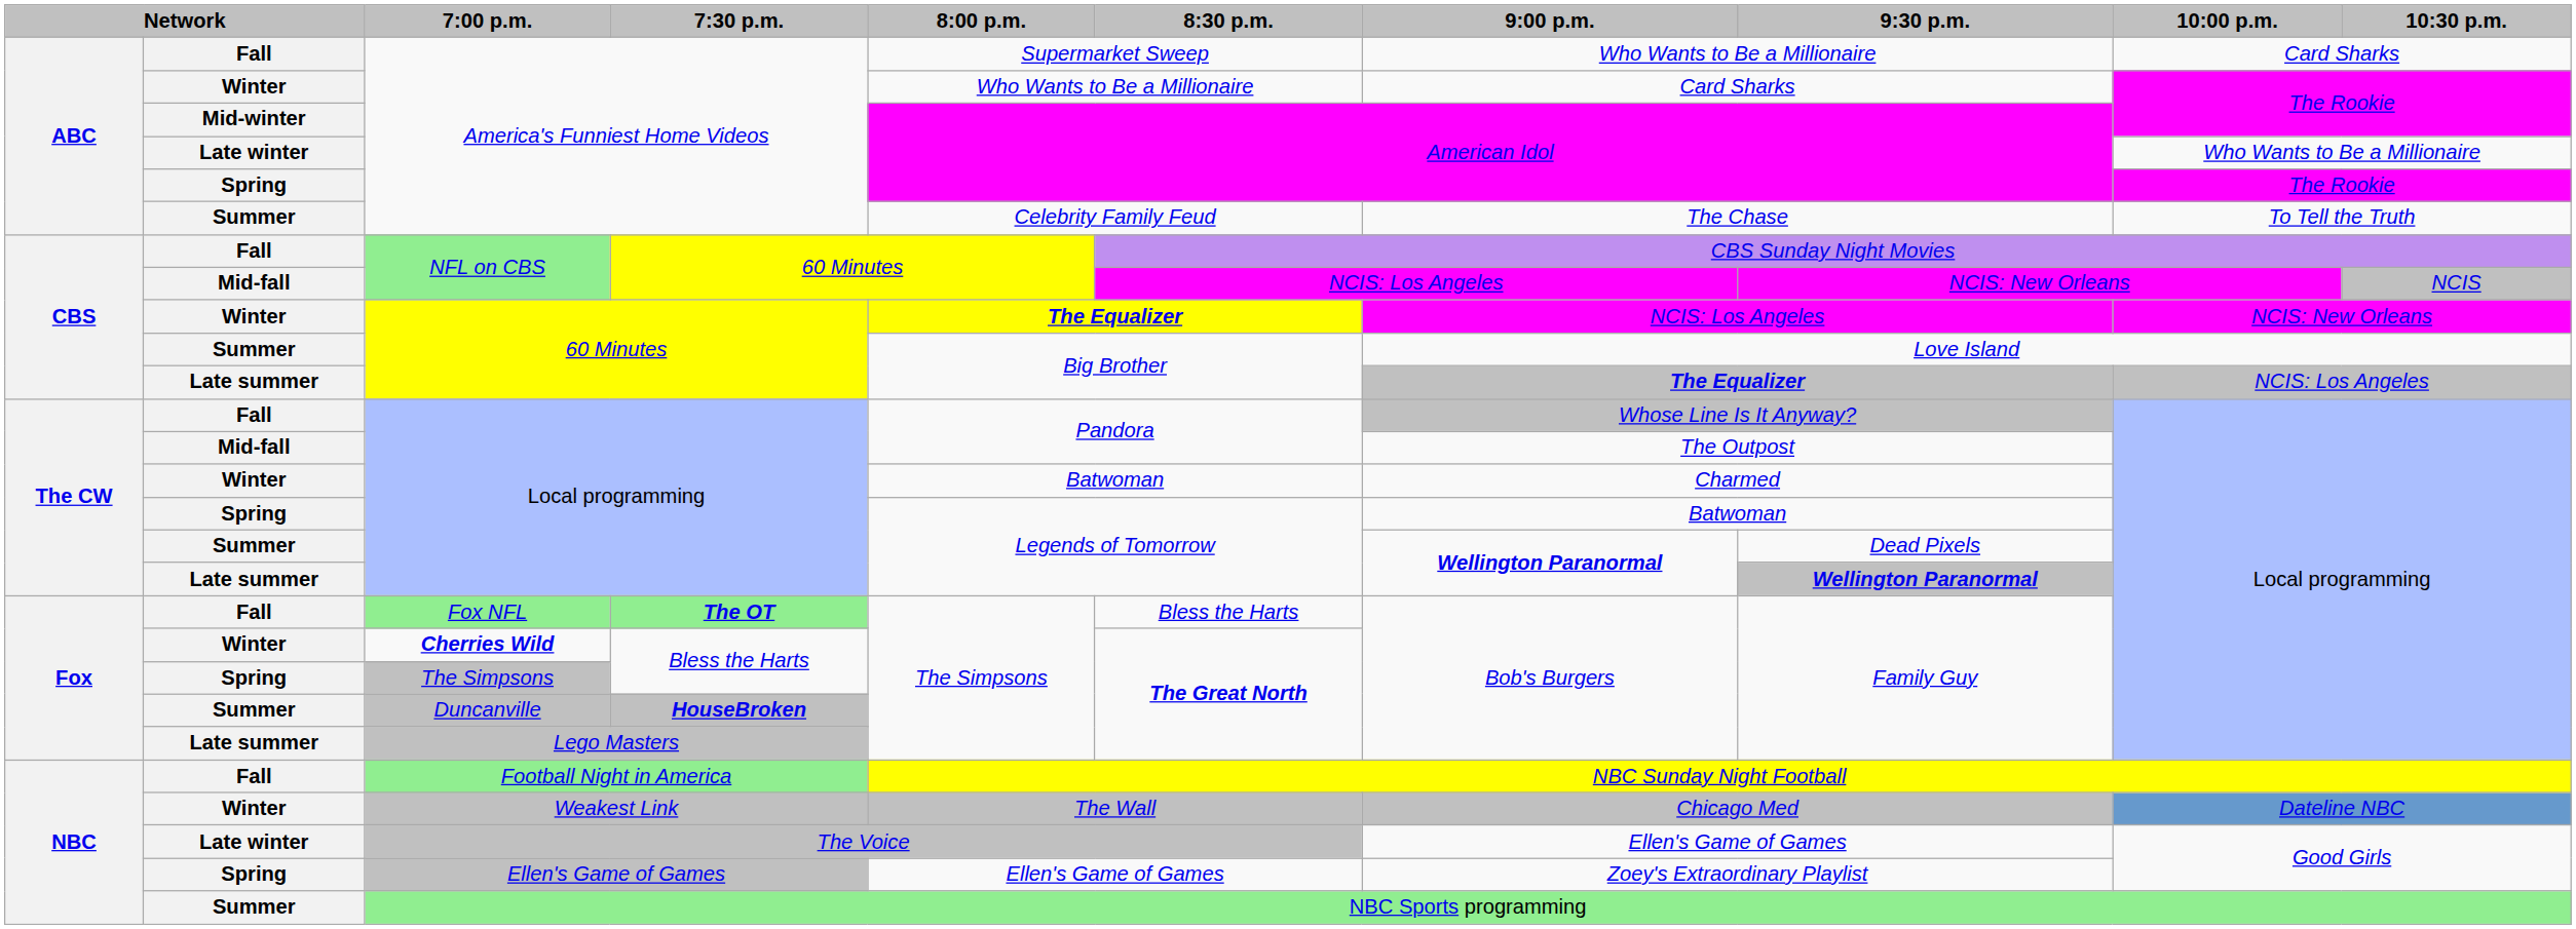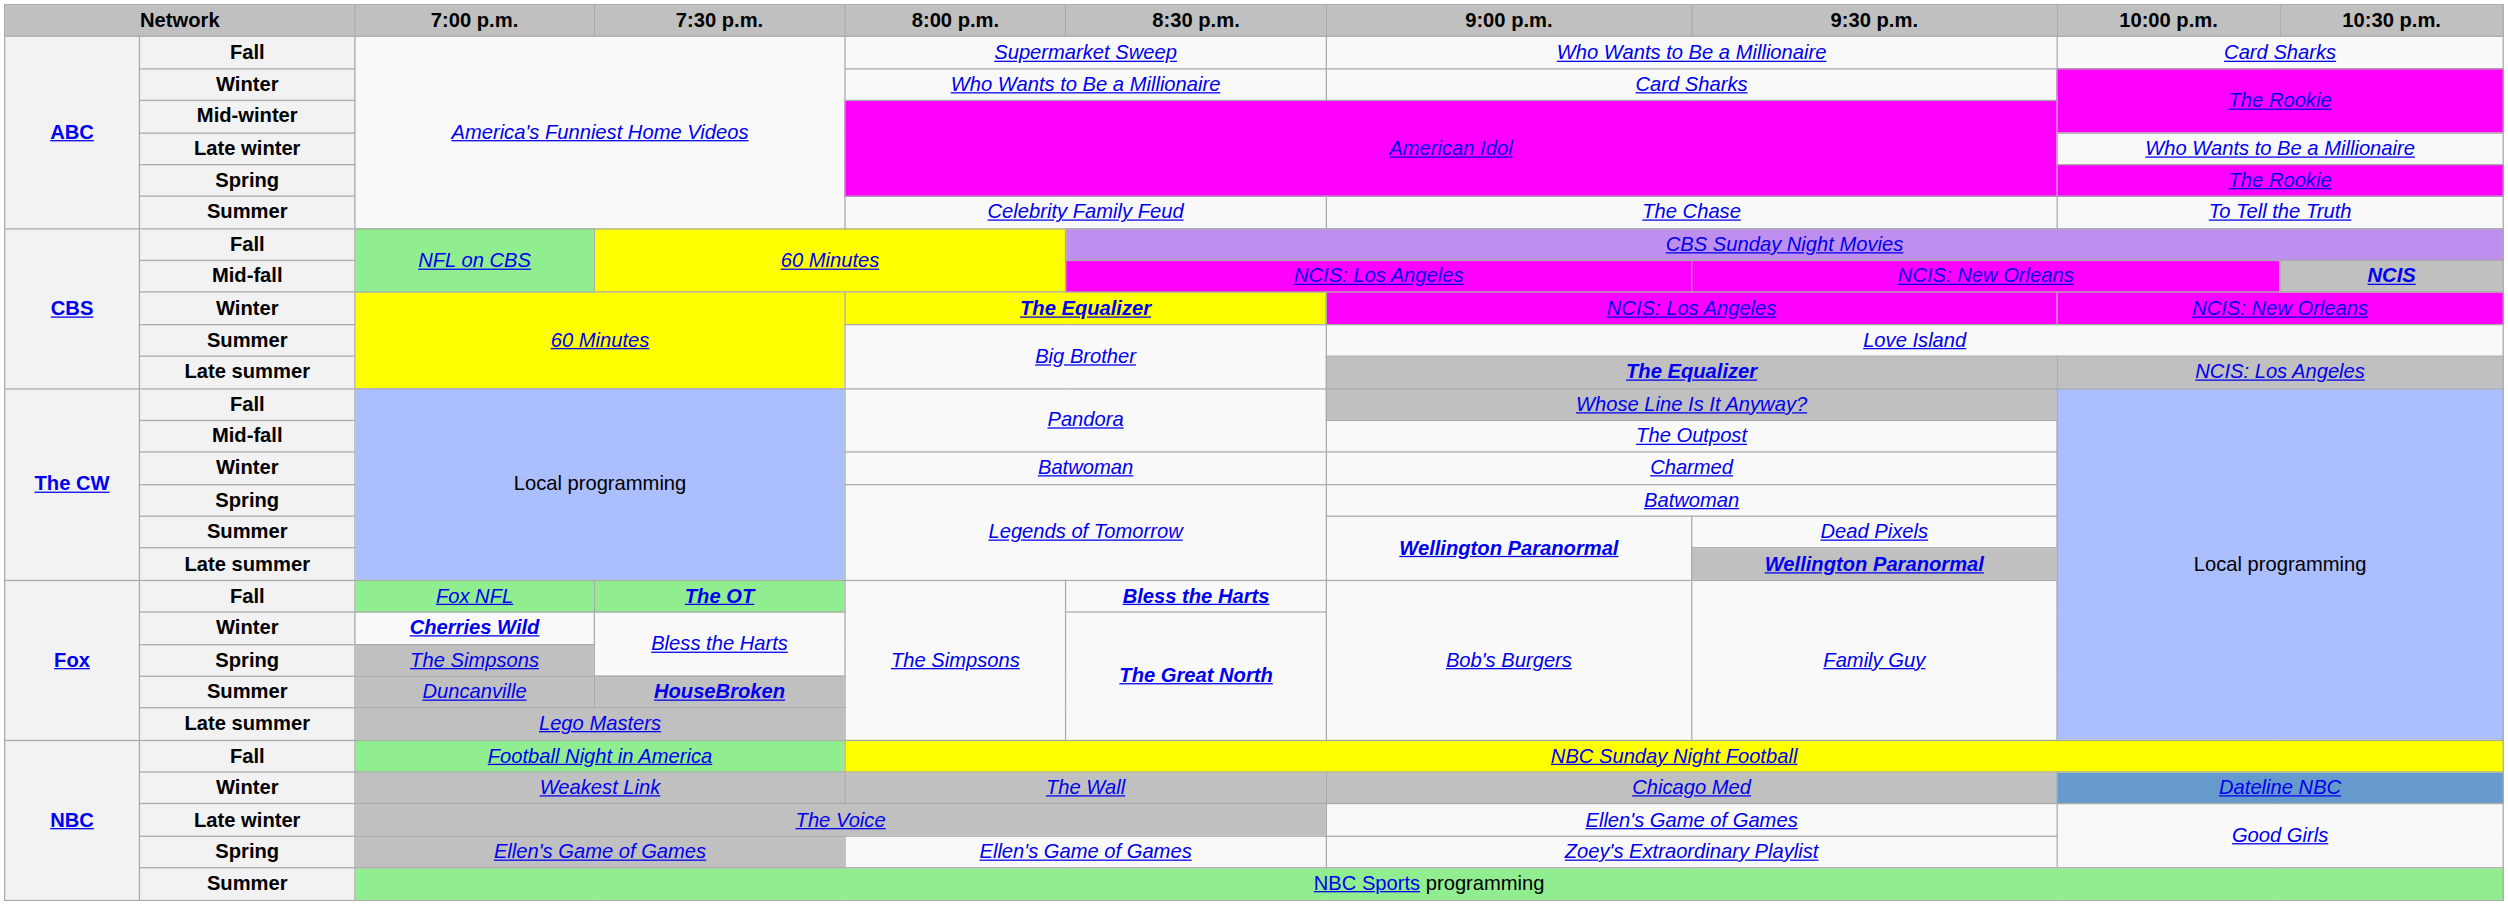 <table class="wikitable" style="width:100%;margin-right:0;text-align:center">
 <tr>
 <th colspan="2" style="background-color:#C0C0C0;text-align:center">Network</th>
 <th style="background-color:#C0C0C0;text-align:center">7:00 p.m.</th>
 <th style="background-color:#C0C0C0;text-align:center">7:30 p.m.</th>
 <th style="background-color:#C0C0C0;text-align:center">8:00 p.m.</th>
 <th style="background-color:#C0C0C0;text-align:center">8:30 p.m.</th>
 <th style="background-color:#C0C0C0;text-align:center">9:00 p.m.</th>
 <th style="background-color:#C0C0C0;text-align:center">9:30 p.m.</th>
 <th style="background-color:#C0C0C0;text-align:center">10:00 p.m.</th>
 <th style="background-color:#C0C0C0;text-align:center">10:30 p.m.</th>
 </tr>
 <tr>
 <th rowspan="6"><a href='#'>ABC</a></th>
 <th>Fall</th>
 <td rowspan="6" colspan="2"><em><a href='#'>America's Funniest Home Videos</a></em></td>
 <td colspan="2"><em><a href='#'>Supermarket Sweep</a></em></td>
 <td colspan="2"><em><a href='#'>Who Wants to Be a Millionaire</a></em></td>
 <td colspan="2"><em><a href='#'>Card Sharks</a></em></td>
 </tr>
 <tr>
 <th>Winter</th>
 <td colspan="2"><em><a href='#'>Who Wants to Be a Millionaire</a></em></td>
 <td colspan="2"><em><a href='#'>Card Sharks</a></em></td>
 <td rowspan="2" colspan="2" style="background:#FF00FF;"><em><a href='#'>The Rookie</a></em> </td>
 </tr>
 <tr>
 <th>Mid-winter</th>
 <td rowspan="3" colspan="4" style="background:#FF00FF;"><em><a href='#'>American Idol</a></em> </td>
 </tr>
 <tr>
 <th>Late winter</th>
 <td colspan="2"><em><a href='#'>Who Wants to Be a Millionaire</a></em></td>
 </tr>
 <tr>
 <th>Spring</th>
 <td colspan="2" style="background:#FF00FF;"><em><a href='#'>The Rookie</a></em> </td>
 </tr>
 <tr>
 <th>Summer</th>
 <td colspan="2"><em><a href='#'>Celebrity Family Feud</a></em></td>
 <td colspan="2"><em><a href='#'>The Chase</a></em></td>
 <td colspan="2"><em><a href='#'>To Tell the Truth</a></em></td>
 </tr>
 <tr>
 <th rowspan="5"><a href='#'>CBS</a></th>
 <th>Fall</th>
 <td rowspan="2" style="background:lightgreen"><em><a href='#'>NFL on CBS</a></em> </td>
 <td rowspan="2" colspan="2" style="background:#FFFF00;"><em><a href='#'>60 Minutes</a></em> </td>
 <td colspan="5" style="background:#BF8FEF;"><em><a href='#'>CBS Sunday Night Movies</a></em> </td>
 </tr>
 <tr>
 <th>Mid-fall</th>
 <td colspan="2" style="background:#FF00FF;"><em><a href='#'>NCIS: Los Angeles</a></em> </td>
 <td colspan="2" style="background:#FF00FF;"><em><a href='#'>NCIS: New Orleans</a></em> </td>
-<td style="background:#C0C0C0;"><em><a href='#'>NCIS</a></em>  </td>
+<td style="background:#C0C0C0;"><strong><em><a href='#'>NCIS</a></em>  </strong></td>
 </tr>
 <tr>
 <th>Winter</th>
 <td rowspan="3" colspan="2" style="background:#FFFF00;"><em><a href='#'>60 Minutes</a></em> </td>
 <td colspan="2" style="background:#FFFF00;"><strong><em><a href='#'>The Equalizer</a></em></strong> </td>
 <td colspan="2" style="background:#FF00FF;"><em><a href='#'>NCIS: Los Angeles</a></em> </td>
 <td colspan="2" style="background:#FF00FF;"><em><a href='#'>NCIS: New Orleans</a></em> </td>
 </tr>
 <tr>
 <th>Summer</th>
 <td rowspan="2" colspan="2"><em><a href='#'>Big Brother</a></em></td>
 <td colspan="4"><em><a href='#'>Love Island</a></em></td>
 </tr>
 <tr>
 <th>Late summer</th>
 <td colspan="2" style="background:#C0C0C0;"><strong><em><a href='#'>The Equalizer</a></em></strong> </td>
 <td colspan="2" style="background:#C0C0C0;"><em><a href='#'>NCIS: Los Angeles</a></em> </td>
 </tr>
 <tr>
 <th rowspan="6"><a href='#'>The CW</a></th>
 <th>Fall</th>
 <td rowspan="6" colspan="2" style="background:#abbfff">Local programming</td>
 <td rowspan="2" colspan="2"><em><a href='#'>Pandora</a></em></td>
 <td colspan="2" style="background:#C0C0C0;"><em><a href='#'>Whose Line Is It Anyway?</a></em> </td>
 <td rowspan="11" colspan="2" style="background:#abbfff;">Local programming</td>
 </tr>
 <tr>
 <th>Mid-fall</th>
 <td colspan="2"><em><a href='#'>The Outpost</a></em></td>
 </tr>
 <tr>
 <th>Winter</th>
 <td colspan="2"><em><a href='#'>Batwoman</a></em></td>
 <td colspan="2"><em><a href='#'>Charmed</a></em></td>
 </tr>
 <tr>
 <th>Spring</th>
 <td rowspan="3" colspan="2"><em><a href='#'>Legends of Tomorrow</a></em></td>
 <td colspan="2"><em><a href='#'>Batwoman</a></em></td>
 </tr>
 <tr>
 <th>Summer</th>
 <td rowspan="2"><strong><em><a href='#'>Wellington Paranormal</a></em></strong></td>
 <td><em><a href='#'>Dead Pixels</a></em></td>
 </tr>
 <tr>
 <th>Late summer</th>
 <td style="background:#C0C0C0;"><strong><em><a href='#'>Wellington Paranormal</a></em></strong> </td>
 </tr>
 <tr>
 <th rowspan="5"><a href='#'>Fox</a></th>
 <th>Fall</th>
 <td style="background:lightgreen"><em><a href='#'>Fox NFL</a></em> </td>
 <td style="background:lightgreen"><strong><em><a href='#'>The OT</a></em></strong></td>
 <td rowspan="5"><em><a href='#'>The Simpsons</a></em></td>
-<td><em><a href='#'>Bless the Harts</a></em></td>
+<td><strong><em><a href='#'>Bless the Harts</a></em></strong></td>
 <td rowspan="5"><em><a href='#'>Bob's Burgers</a></em></td>
 <td rowspan="5"><em><a href='#'>Family Guy</a></em></td>
 </tr>
 <tr>
 <th>Winter</th>
 <td><strong><em><a href='#'>Cherries Wild</a></em></strong></td>
 <td rowspan="2"><em><a href='#'>Bless the Harts</a></em></td>
 <td rowspan="4"><strong><em><a href='#'>The Great North</a></em></strong></td>
 </tr>
 <tr>
 <th>Spring</th>
 <td style="background:#C0C0C0;"><em><a href='#'>The Simpsons</a></em> </td>
 </tr>
 <tr>
 <th>Summer</th>
 <td style="background:#C0C0C0;"><em><a href='#'>Duncanville</a></em> </td>
 <td style="background:#C0C0C0;"><strong><em><a href='#'>HouseBroken</a></em></strong> </td>
 </tr>
 <tr>
 <th>Late summer</th>
 <td colspan="2" style="background:#C0C0C0;"><em><a href='#'>Lego Masters</a></em> </td>
 </tr>
 <tr>
 <th rowspan="5"><a href='#'>NBC</a></th>
 <th>Fall</th>
 <td colspan="2" style="background:lightgreen"><em><a href='#'>Football Night in America</a></em></td>
 <td colspan="6" style="background:#FFFF00;"><em><a href='#'>NBC Sunday Night Football</a></em>   </td>
 </tr>
 <tr>
 <th>Winter</th>
 <td colspan="2" style="background:#C0C0C0;"><em><a href='#'>Weakest Link</a></em> </td>
 <td colspan="2" style="background:#C0C0C0;"><em><a href='#'>The Wall</a></em> </td>
 <td colspan="2" style="background:#C0C0C0;"><em><a href='#'>Chicago Med</a></em> </td>
 <td colspan="2" style="background:#6699CC;"><em><a href='#'>Dateline NBC</a></em></td>
 </tr>
 <tr>
 <th>Late winter</th>
 <td colspan="4" style="background:#C0C0C0;"><em><a href='#'>The Voice</a></em> </td>
 <td colspan="2"><em><a href='#'>Ellen's Game of Games</a></em></td>
 <td rowspan="2" colspan="2"><em><a href='#'>Good Girls</a></em></td>
 </tr>
 <tr>
 <th>Spring</th>
 <td colspan="2" style="background:#C0C0C0;"><em><a href='#'>Ellen's Game of Games</a></em> </td>
 <td colspan="2"><em><a href='#'>Ellen's Game of Games</a></em></td>
 <td colspan="2"><em><a href='#'>Zoey's Extraordinary Playlist</a></em></td>
 </tr>
 <tr>
 <th>Summer</th>
 <td colspan="8" style="background:lightgreen"><a href='#'>NBC Sports</a> programming</td>
 </tr>
 </table>
